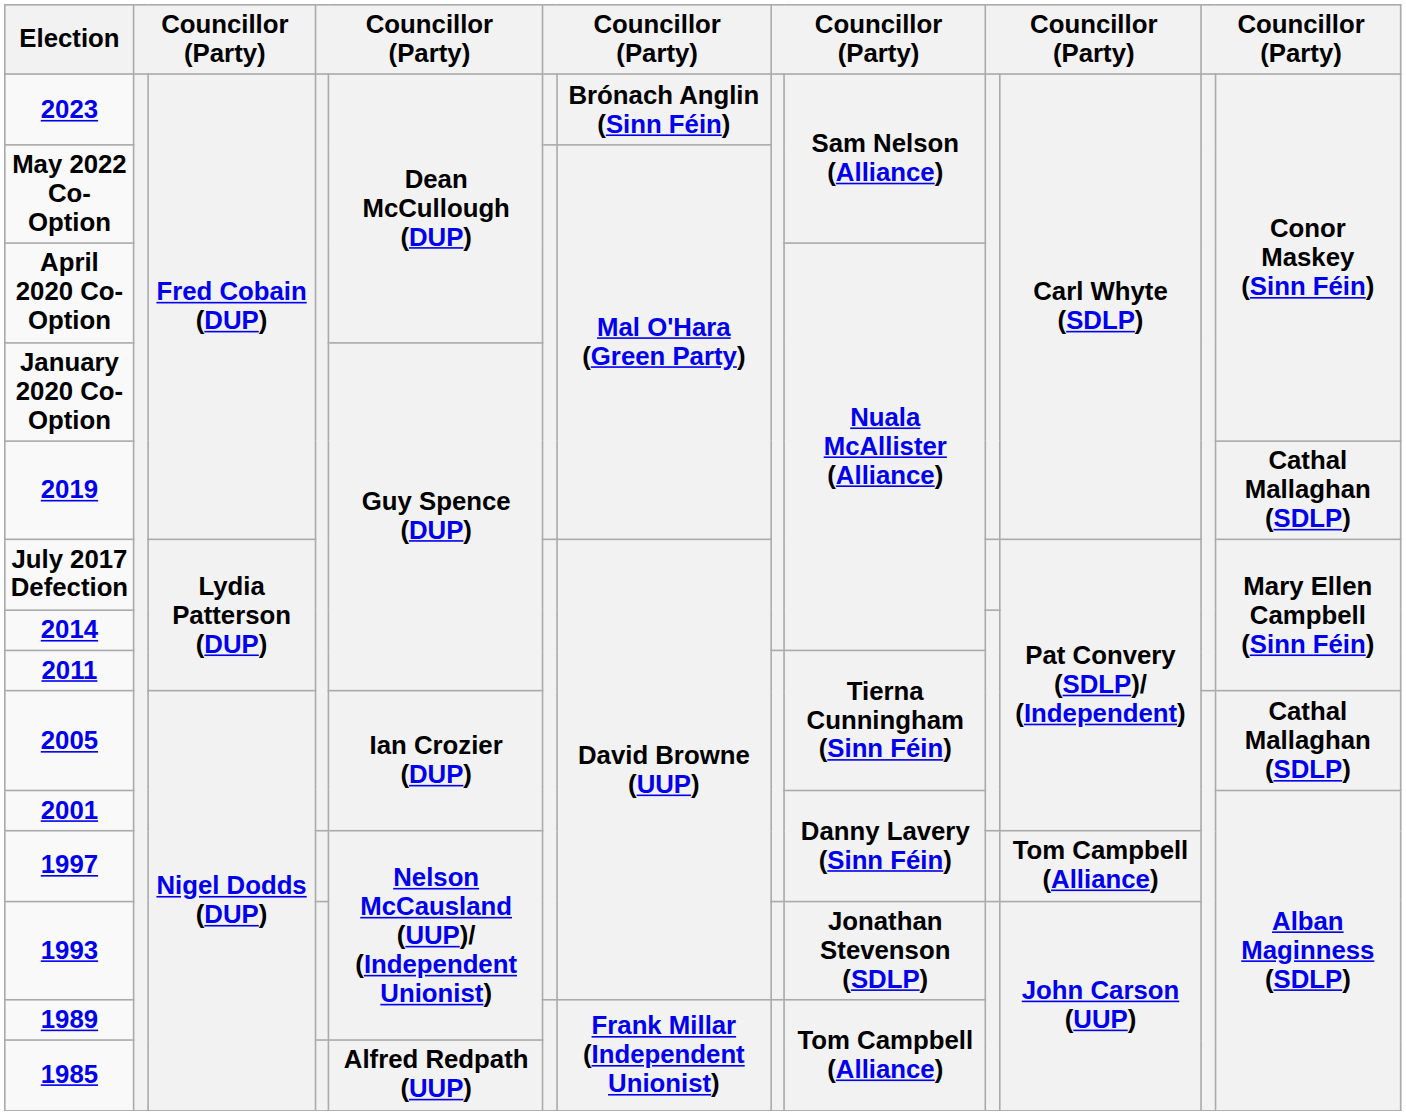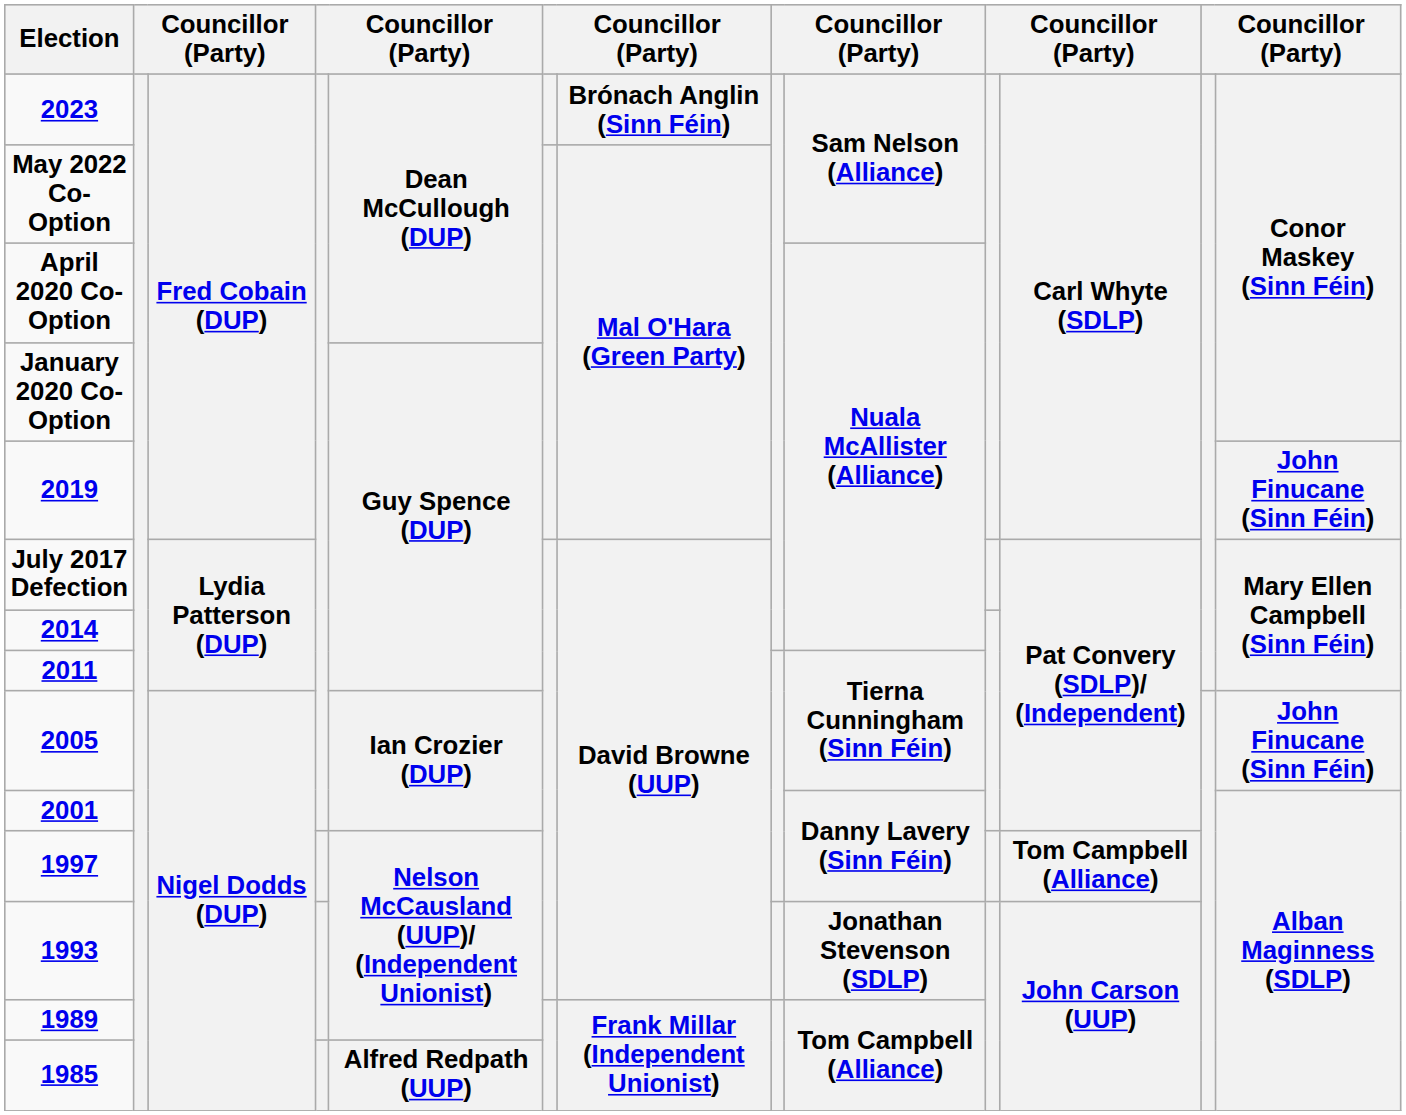 <table class="wikitable" style="text-align:center">
 <tr>
 <th scope="col" width="50">Election</th>
 <th scope="col" width="150" colspan = "2">Councillor<br> (Party)</th>
 <th scope="col" width="150" colspan = "2">Councillor<br> (Party)</th>
 <th scope="col" width="150" colspan = "2">Councillor<br> (Party)</th>
 <th scope="col" width="150" colspan = "2">Councillor<br> (Party)</th>
 <th scope="col" width="150" colspan = "2">Councillor<br> (Party)</th>
 <th scope="col" width="150" colspan = "2">Councillor<br> (Party)</th>
 </tr>
 <tr>
 <td><strong><a href='#'>2023</a></strong></td>
 <th rowspan="14" width="1" style="background-color: "></th>
 <th rowspan= "5"><a href='#'>Fred Cobain</a> <br> (<a href='#'>DUP</a>)</th>
 <th rowspan="10" width="1" style="background-color: "></th>
 <th rowspan= "3">Dean McCullough <br> (<a href='#'>DUP</a>)</th>
 <th rowspan="1" width="1" style="background-color: "></th>
 <th rowspan= "1">Brónach Anglin <br> (<a href='#'>Sinn Féin</a>)</th>
 <th rowspan="7" width="1" style="background-color: "></th>
 <th rowspan= "2">Sam Nelson <br> (<a href='#'>Alliance</a>)</th>
 <th rowspan="5" width="1" style="background-color: "></th>
 <th rowspan= "5">Carl Whyte <br> (<a href='#'>SDLP</a>)</th>
 <th rowspan="8" width="1" style="background-color: "></th>
 <th rowspan= "4">Conor Maskey <br> (<a href='#'>Sinn Féin</a>)</th>
 </tr>
 <tr>
 <td><strong>May 2022 Co-Option</strong></td>
 <th rowspan="4" width="1" style="background-color: "></th>
 <th rowspan= "4"><a href='#'>Mal O'Hara</a> <br> (<a href='#'>Green Party</a>)</th>
 </tr>
 <tr>
 <td><strong>April 2020 Co-Option</strong></td>
 <th rowspan= "5"><a href='#'>Nuala McAllister</a> <br> (<a href='#'>Alliance</a>)</th>
 </tr>
 <tr>
 <td><strong>January 2020 Co-Option</strong></td>
 <th rowspan= "5">Guy Spence <br> (<a href='#'>DUP</a>)</th>
 </tr>
 <tr>
 <td><strong><a href='#'>2019</a></strong></td>
-<th rowspan= "1">Cathal Mallaghan <br> (<a href='#'>SDLP</a>)</th>
+<th rowspan= "1"><a href='#'>John Finucane</a> <br> (<a href='#'>Sinn Féin</a>)</th>
 </tr>
 <tr>
 <td><strong>July 2017 Defection</strong></td>
 <th rowspan= "3">Lydia Patterson <br> (<a href='#'>DUP</a>)</th>
 <th rowspan="7" width="1" style="background-color: "></th>
 <th rowspan= "7">David Browne <br> (<a href='#'>UUP</a>)</th>
 <th rowspan="1" width="1" style="background-color: "></th>
 <th rowspan= "5">Pat Convery <br> (<a href='#'>SDLP</a>)/ <br> (<a href='#'>Independent</a>)</th>
 <th rowspan= "3">Mary Ellen Campbell <br> (<a href='#'>Sinn Féin</a>)</th>
 </tr>
 <tr>
 <td><strong><a href='#'>2014</a></strong></td>
 <th rowspan="4" width="1" style="background-color: "></th>
 </tr>
 <tr>
 <td><strong><a href='#'>2011</a></strong></td>
 <th rowspan="4" width="1" style="background-color: "></th>
 <th rowspan= "2">Tierna Cunningham <br> (<a href='#'>Sinn Féin</a>)</th>
 </tr>
 <tr>
 <td><strong><a href='#'>2005</a></strong></td>
 <th rowspan= "6"><a href='#'>Nigel Dodds</a> <br> (<a href='#'>DUP</a>)</th>
 <th rowspan= "2">Ian Crozier <br> (<a href='#'>DUP</a>)</th>
 <th rowspan="6" width="1" style="background-color: "></th>
-<th rowspan= "1">Cathal Mallaghan <br> (<a href='#'>SDLP</a>)</th>
+<th rowspan= "1"><a href='#'>John Finucane</a> <br> (<a href='#'>Sinn Féin</a>)</th>
 </tr>
 <tr>
 <td><strong><a href='#'>2001</a></strong></td>
 <th rowspan= "2">Danny Lavery <br> (<a href='#'>Sinn Féin</a>)</th>
 <th rowspan= "5"><a href='#'>Alban Maginness</a> <br> (<a href='#'>SDLP</a>)</th>
 </tr>
 <tr>
 <td><strong><a href='#'>1997</a></strong></td>
 <th rowspan="1" width="1" style="background-color: "></th>
 <th rowspan= "3"><a href='#'>Nelson McCausland</a> <br> (<a href='#'>UUP</a>)/ <br> (<a href='#'>Independent Unionist</a>)</th>
 <th rowspan="1" width="1" style="background-color: "></th>
 <th rowspan= "1">Tom Campbell <br> (<a href='#'>Alliance</a>)</th>
 </tr>
 <tr>
 <td><strong><a href='#'>1993</a></strong></td>
 <th rowspan="2" width="1" style="background-color: "></th>
 <th rowspan="1" width="1" style="background-color: "></th>
 <th rowspan= "1">Jonathan Stevenson <br> (<a href='#'>SDLP</a>)</th>
 <th rowspan="3" width="1" style="background-color: "></th>
 <th rowspan= "3"><a href='#'>John Carson</a> <br> (<a href='#'>UUP</a>)</th>
 </tr>
 <tr>
 <td><strong><a href='#'>1989</a></strong></td>
 <th rowspan="2" width="1" style="background-color: "></th>
 <th rowspan= "2"><a href='#'>Frank Millar</a> <br> (<a href='#'>Independent Unionist</a>)</th>
 <th rowspan="2" width="1" style="background-color: "></th>
 <th rowspan= "2">Tom Campbell <br> (<a href='#'>Alliance</a>)</th>
 </tr>
 <tr>
 <td><strong><a href='#'>1985</a></strong></td>
 <th rowspan="1" width="1" style="background-color: "></th>
 <th rowspan= "1">Alfred Redpath <br> (<a href='#'>UUP</a>)</th>
 </tr>
 </table>
